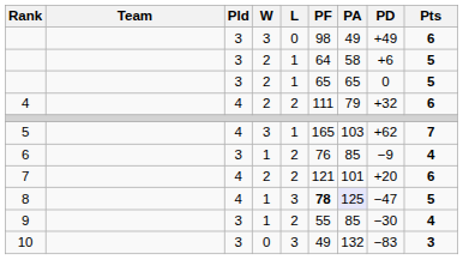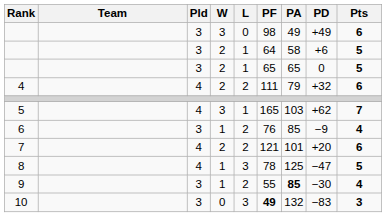 <table class="wikitable" style="text-align:center;">
 <tr>
 <th>Rank</th>
 <th width=200px>Team</th>
 <th width=25px>Pld</th>
 <th width=25px>W</th>
 <th width=25px>L</th>
 <th width=25px>PF</th>
 <th width=25px>PA</th>
 <th width=35px>PD</th>
 <th width=55px>Pts</th>
 </tr>
 <tr>
 <td></td>
 <td align="left"></td>
 <td>3</td>
 <td>3</td>
 <td>0</td>
 <td>98</td>
 <td>49</td>
 <td>+49</td>
 <td><strong>6</strong></td>
 </tr>
 <tr>
 <td></td>
 <td align="left"></td>
 <td>3</td>
 <td>2</td>
 <td>1</td>
 <td>64</td>
 <td>58</td>
 <td>+6</td>
 <td><strong>5</strong></td>
 </tr>
 <tr>
 <td></td>
 <td align="left"></td>
 <td>3</td>
 <td>2</td>
 <td>1</td>
 <td>65</td>
 <td>65</td>
 <td>0</td>
 <td><strong>5</strong></td>
 </tr>
 <tr>
 <td>4</td>
 <td align="left"></td>
 <td>4</td>
 <td>2</td>
 <td>2</td>
 <td>111</td>
 <td>79</td>
 <td>+32</td>
 <td><strong>6</strong></td>
 </tr>
 <tr>
 <td colspan=10 height=1px bgcolor=lightgrey></td>
 </tr>
 <tr>
 <td>5</td>
 <td align="left"></td>
 <td>4</td>
 <td>3</td>
 <td>1</td>
 <td>165</td>
 <td>103</td>
 <td>+62</td>
 <td><strong>7</strong></td>
 </tr>
 <tr>
 <td>6</td>
 <td align="left"></td>
 <td>3</td>
 <td>1</td>
 <td>2</td>
 <td>76</td>
 <td>85</td>
 <td>−9</td>
 <td><strong>4</strong></td>
 </tr>
 <tr>
 <td>7</td>
 <td align="left"></td>
 <td>4</td>
 <td>2</td>
 <td>2</td>
 <td>121</td>
 <td>101</td>
 <td>+20</td>
 <td><strong>6</strong></td>
 </tr>
 <tr>
 <td>8</td>
 <td align="left"></td>
 <td>4</td>
 <td>1</td>
 <td>3</td>
-<td><strong>78</strong></td>
-<td style="background: lavender;">125</td>
+<td>78</td>
+<td>125</td>
 <td>−47</td>
 <td><strong>5</strong></td>
 </tr>
 <tr>
 <td>9</td>
 <td align="left"></td>
 <td>3</td>
 <td>1</td>
 <td>2</td>
 <td>55</td>
-<td>85</td>
+<td><strong>85</strong></td>
 <td>−30</td>
 <td><strong>4</strong></td>
 </tr>
 <tr>
 <td>10</td>
 <td align="left"></td>
 <td>3</td>
 <td>0</td>
 <td>3</td>
-<td>49</td>
+<td><strong>49</strong></td>
 <td>132</td>
 <td>−83</td>
 <td><strong>3</strong></td>
 </tr>
 </table>
